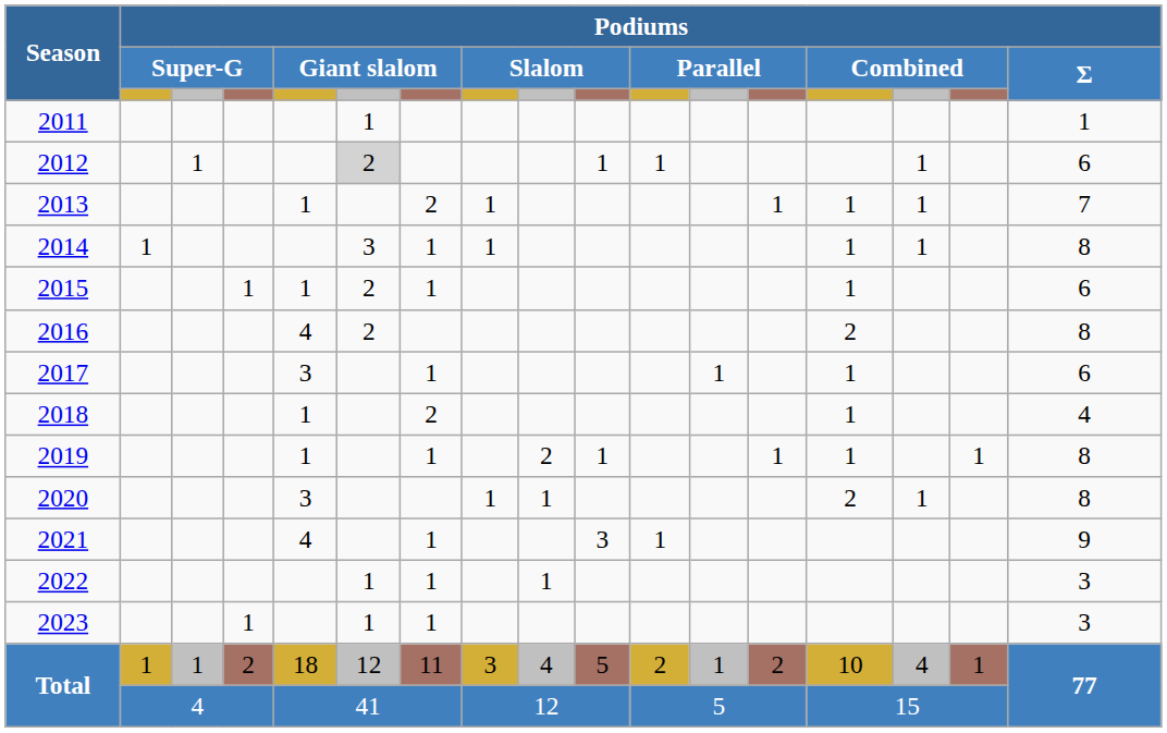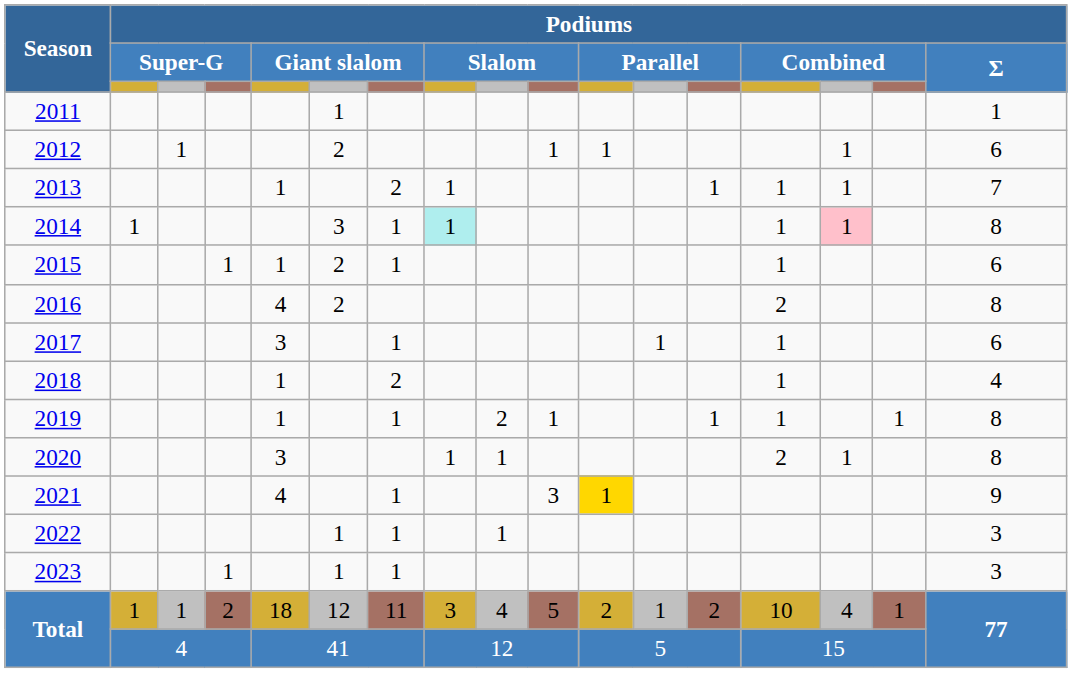 <table class="wikitable" style="font-size:95%; text-align:center; border:grey solid 1px; border-collapse:collapse;" width="55%">
 <tr style="background-color:#369; color:white;">
 <td rowspan="3" colspan="1" width="10%"><strong>Season</strong></td>
 <td colspan="19"><strong>Podiums</strong></td>
 </tr>
 <tr style="background-color:#4180be; color:white;">
 <th style="background:#4180be;" width="300" colspan="3">Super-G</th>
 <th style="background:#4180be;" width="350" colspan="3">Giant slalom</th>
 <th style="background:#4180be;" width="350" colspan="3">Slalom</th>
 <th style="background:#4180be;" width="350" colspan="3">Parallel</th>
 <th style="background:#4180be;" width="350" colspan="3">Combined</th>
 <th style="background:#4180be;" width="450" colspan="4" rowspan="2">Σ</th>
 </tr>
 <tr>
 <td align="center" bgcolor="#d4af37"></td>
 <td align="center" bgcolor="silver"></td>
 <td align="center" bgcolor="#a57164"></td>
 <td align="center" bgcolor="#d4af37"></td>
 <td align="center" bgcolor="silver"></td>
 <td align="center" bgcolor="#a57164"></td>
 <td align="center" bgcolor="#d4af37"></td>
 <td align="center" bgcolor="silver"></td>
 <td align="center" bgcolor="#a57164"></td>
 <td align="center" bgcolor="#d4af37"></td>
 <td align="center" bgcolor="silver"></td>
 <td align="center" bgcolor="#a57164"></td>
 <td align="center" bgcolor="#d4af37"></td>
 <td align="center" bgcolor="silver"></td>
 <td align="center" bgcolor="#a57164"></td>
 </tr>
 <tr>
 <td align="center"><a href='#'>2011</a></td>
 <td></td>
 <td></td>
 <td></td>
 <td></td>
 <td>1</td>
 <td></td>
 <td></td>
 <td></td>
 <td></td>
 <td></td>
 <td></td>
 <td></td>
 <td></td>
 <td></td>
 <td></td>
 <td>1</td>
 </tr>
 <tr>
 <td align="center"><a href='#'>2012</a></td>
 <td></td>
 <td>1</td>
 <td></td>
 <td></td>
-<td style="background: lightgrey;">2</td>
+<td>2</td>
 <td></td>
 <td></td>
 <td></td>
 <td>1</td>
 <td>1</td>
 <td></td>
 <td></td>
 <td></td>
 <td>1</td>
 <td></td>
 <td>6</td>
 </tr>
 <tr>
 <td align="center"><a href='#'>2013</a></td>
 <td></td>
 <td></td>
 <td></td>
 <td>1</td>
 <td></td>
 <td>2</td>
 <td>1</td>
 <td></td>
 <td></td>
 <td></td>
 <td></td>
 <td>1</td>
 <td>1</td>
 <td>1</td>
 <td></td>
 <td>7</td>
 </tr>
 <tr>
 <td align="center"><a href='#'>2014</a></td>
 <td>1</td>
 <td></td>
 <td></td>
 <td></td>
 <td>3</td>
 <td>1</td>
-<td>1</td>
+<td style="background: paleturquoise;">1</td>
 <td></td>
 <td></td>
 <td></td>
 <td></td>
 <td></td>
 <td>1</td>
-<td>1</td>
+<td style="background: pink;">1</td>
 <td></td>
 <td>8</td>
 </tr>
 <tr>
 <td align="center"><a href='#'>2015</a></td>
 <td></td>
 <td></td>
 <td>1</td>
 <td>1</td>
 <td>2</td>
 <td>1</td>
 <td></td>
 <td></td>
 <td></td>
 <td></td>
 <td></td>
 <td></td>
 <td>1</td>
 <td></td>
 <td></td>
 <td>6</td>
 </tr>
 <tr>
 <td align="center"><a href='#'>2016</a></td>
 <td></td>
 <td></td>
 <td></td>
 <td>4</td>
 <td>2</td>
 <td></td>
 <td></td>
 <td></td>
 <td></td>
 <td></td>
 <td></td>
 <td></td>
 <td>2</td>
 <td></td>
 <td></td>
 <td>8</td>
 </tr>
 <tr>
 <td align="center"><a href='#'>2017</a></td>
 <td></td>
 <td></td>
 <td></td>
 <td>3</td>
 <td></td>
 <td>1</td>
 <td></td>
 <td></td>
 <td></td>
 <td></td>
 <td>1</td>
 <td></td>
 <td>1</td>
 <td></td>
 <td></td>
 <td>6</td>
 </tr>
 <tr>
 <td align="center"><a href='#'>2018</a></td>
 <td></td>
 <td></td>
 <td></td>
 <td>1</td>
 <td></td>
 <td>2</td>
 <td></td>
 <td></td>
 <td></td>
 <td></td>
 <td></td>
 <td></td>
 <td>1</td>
 <td></td>
 <td></td>
 <td>4</td>
 </tr>
 <tr>
 <td align="center"><a href='#'>2019</a></td>
 <td></td>
 <td></td>
 <td></td>
 <td>1</td>
 <td></td>
 <td>1</td>
 <td></td>
 <td>2</td>
 <td>1</td>
 <td></td>
 <td></td>
 <td>1</td>
 <td>1</td>
 <td></td>
 <td>1</td>
 <td>8</td>
 </tr>
 <tr>
 <td align="center"><a href='#'>2020</a></td>
 <td></td>
 <td></td>
 <td></td>
 <td>3</td>
 <td></td>
 <td></td>
 <td>1</td>
 <td>1</td>
 <td></td>
 <td></td>
 <td></td>
 <td></td>
 <td>2</td>
 <td>1</td>
 <td></td>
 <td>8</td>
 </tr>
 <tr>
 <td align="center"><a href='#'>2021</a></td>
 <td></td>
 <td></td>
 <td></td>
 <td>4</td>
 <td></td>
 <td>1</td>
 <td></td>
 <td></td>
 <td>3</td>
-<td>1</td>
+<td style="background: gold;">1</td>
 <td></td>
 <td></td>
 <td></td>
 <td></td>
 <td></td>
 <td>9</td>
 </tr>
 <tr>
 <td align="center"><a href='#'>2022</a></td>
 <td></td>
 <td></td>
 <td></td>
 <td></td>
 <td>1</td>
 <td>1</td>
 <td></td>
 <td>1</td>
 <td></td>
 <td></td>
 <td></td>
 <td></td>
 <td></td>
 <td></td>
 <td></td>
 <td>3</td>
 </tr>
 <tr>
 <td align="center"><a href='#'>2023</a></td>
 <td></td>
 <td></td>
 <td>1</td>
 <td></td>
 <td>1</td>
 <td>1</td>
 <td></td>
 <td></td>
 <td></td>
 <td></td>
 <td></td>
 <td></td>
 <td></td>
 <td></td>
 <td></td>
 <td>3</td>
 </tr>
 <tr>
 <td rowspan="2" style="background-color:#4180be; color:white; width=100;"><strong>Total</strong></td>
 <td bgcolor="#d4af37">1</td>
 <td bgcolor="silver">1</td>
 <td bgcolor="#a57164">2</td>
 <td bgcolor="#d4af37">18</td>
 <td bgcolor="silver">12</td>
 <td bgcolor="#a57164">11</td>
 <td bgcolor="#d4af37">3</td>
 <td bgcolor="silver">4</td>
 <td bgcolor="#a57164">5</td>
 <td bgcolor="#d4af37">2</td>
 <td bgcolor="silver">1</td>
 <td bgcolor="#a57164">2</td>
 <td bgcolor="#d4af37">10</td>
 <td bgcolor="silver">4</td>
 <td bgcolor="#a57164">1</td>
 <td rowspan="2" style="background-color:#4180be; color:white; width=100;"><strong>77</strong></td>
 </tr>
 <tr>
 <td style="background-color:#4180be; color:white; width=100;" colspan="3">4</td>
 <td style="background-color:#4180be; color:white; width=100;" colspan="3">41</td>
 <td colspan="3" style="background-color:#4180be; color:white; width=100;">12</td>
 <td colspan="3" style="background-color:#4180be; color:white; width=100;">5</td>
 <td colspan="3" style="background-color:#4180be; color:white; width=100;">15</td>
 </tr>
 </table>
